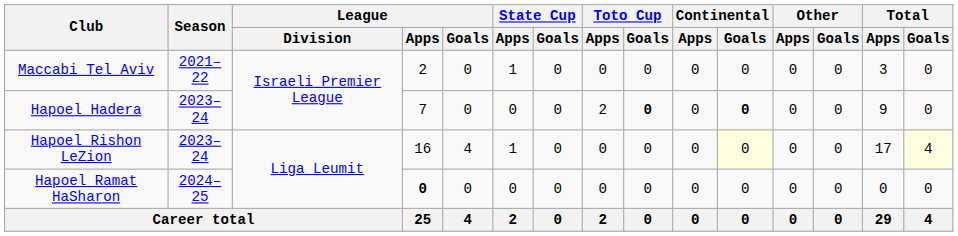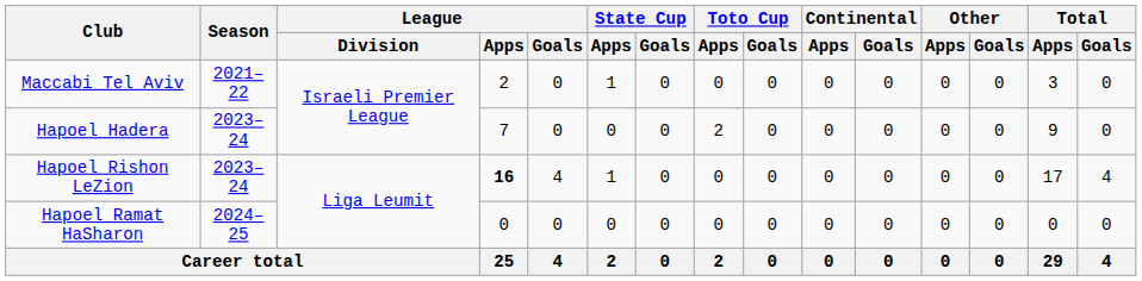 <table class="wikitable" style="text-align: center">
 <tr>
 <th rowspan="2">Club</th>
 <th rowspan="2">Season</th>
 <th colspan="3">League</th>
 <th colspan="2"><a href='#'>State Cup</a></th>
 <th colspan="2"><a href='#'>Toto Cup</a></th>
 <th colspan="2">Continental</th>
 <th colspan="2">Other</th>
 <th colspan="2">Total</th>
 </tr>
 <tr>
 <th>Division</th>
 <th>Apps</th>
 <th>Goals</th>
 <th>Apps</th>
 <th>Goals</th>
 <th>Apps</th>
 <th>Goals</th>
 <th>Apps</th>
 <th>Goals</th>
 <th>Apps</th>
 <th>Goals</th>
 <th>Apps</th>
 <th>Goals</th>
 </tr>
 <tr>
 <td><a href='#'>Maccabi Tel Aviv</a></td>
 <td><a href='#'>2021–22</a></td>
 <td rowspan="2"><a href='#'>Israeli Premier League</a></td>
 <td>2</td>
 <td>0</td>
 <td>1</td>
 <td>0</td>
 <td>0</td>
 <td>0</td>
 <td>0</td>
 <td>0</td>
 <td>0</td>
 <td>0</td>
 <td>3</td>
 <td>0</td>
 </tr>
 <tr>
 <td><a href='#'>Hapoel Hadera</a></td>
 <td><a href='#'>2023–24</a></td>
 <td>7</td>
 <td>0</td>
 <td>0</td>
 <td>0</td>
 <td>2</td>
-<td><strong>0</strong></td>
 <td>0</td>
-<td><strong>0</strong></td>
+<td>0</td>
+<td>0</td>
 <td>0</td>
 <td>0</td>
 <td>9</td>
 <td>0</td>
 </tr>
 <tr>
 <td><a href='#'>Hapoel Rishon LeZion</a></td>
 <td><a href='#'>2023–24</a></td>
 <td rowspan="2"><a href='#'>Liga Leumit</a></td>
-<td>16</td>
+<td><strong>16</strong></td>
 <td>4</td>
 <td>1</td>
 <td>0</td>
 <td>0</td>
 <td>0</td>
 <td>0</td>
-<td style="background: lightyellow;">0</td>
+<td>0</td>
 <td>0</td>
 <td>0</td>
 <td>17</td>
-<td style="background: lightyellow;">4</td>
+<td>4</td>
 </tr>
 <tr>
 <td><a href='#'>Hapoel Ramat HaSharon</a></td>
 <td><a href='#'>2024–25</a></td>
-<td><strong>0</strong></td>
+<td>0</td>
 <td>0</td>
 <td>0</td>
 <td>0</td>
 <td>0</td>
 <td>0</td>
 <td>0</td>
 <td>0</td>
 <td>0</td>
 <td>0</td>
 <td>0</td>
 <td>0</td>
 </tr>
 <tr>
 <th colspan="3">Career total</th>
 <th>25</th>
 <th>4</th>
 <th>2</th>
 <th>0</th>
 <th>2</th>
 <th>0</th>
 <th>0</th>
 <th>0</th>
 <th>0</th>
 <th>0</th>
 <th>29</th>
 <th>4</th>
 </tr>
 </table>
